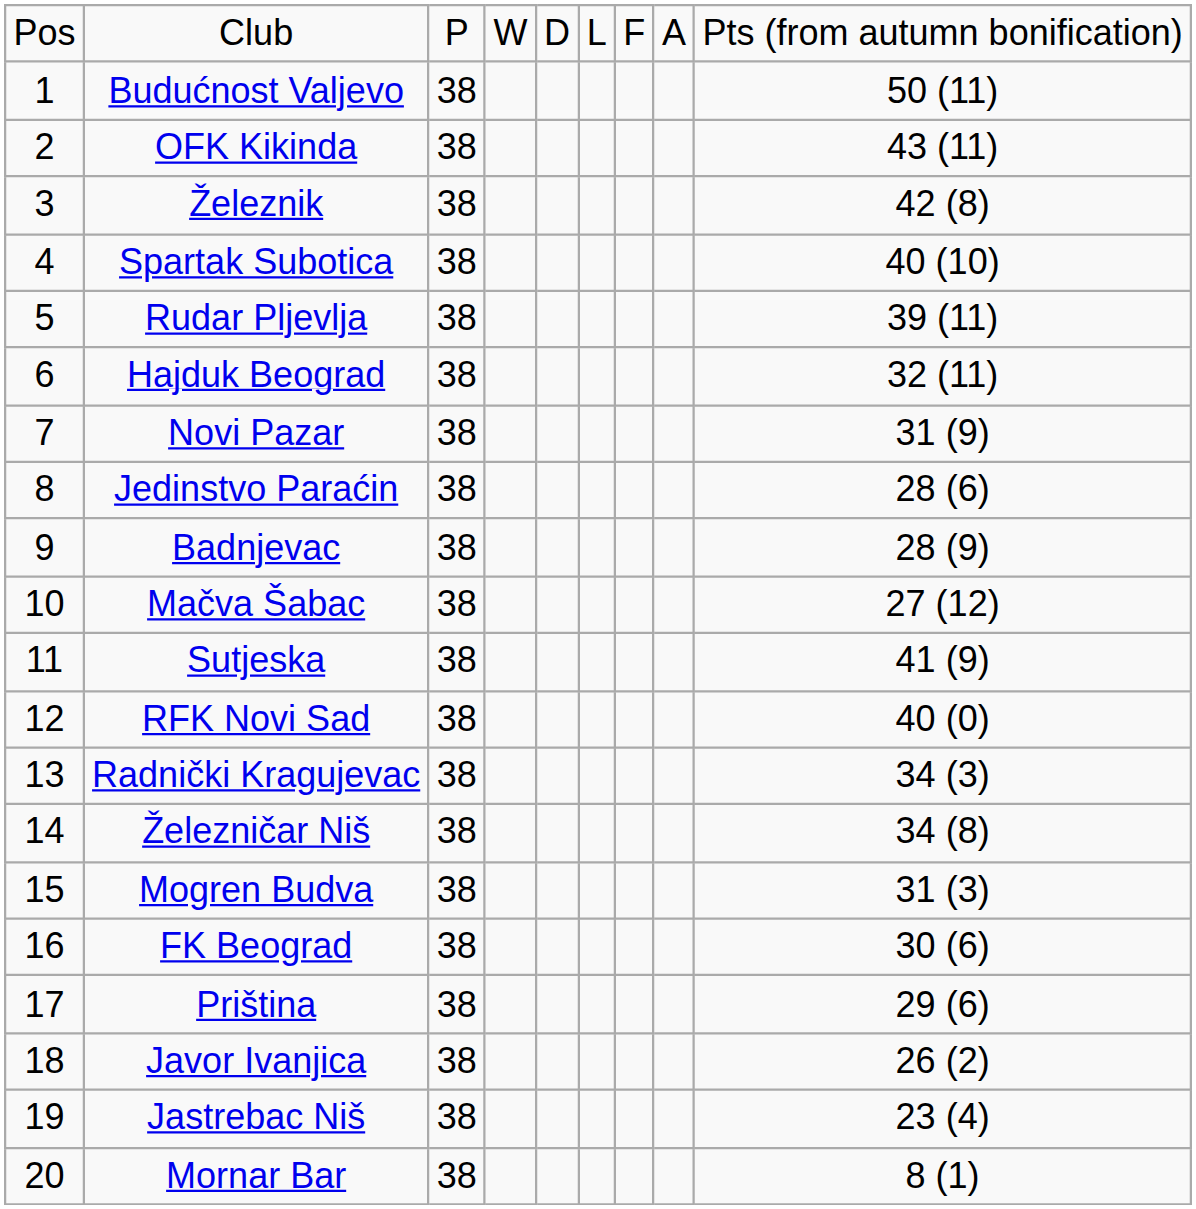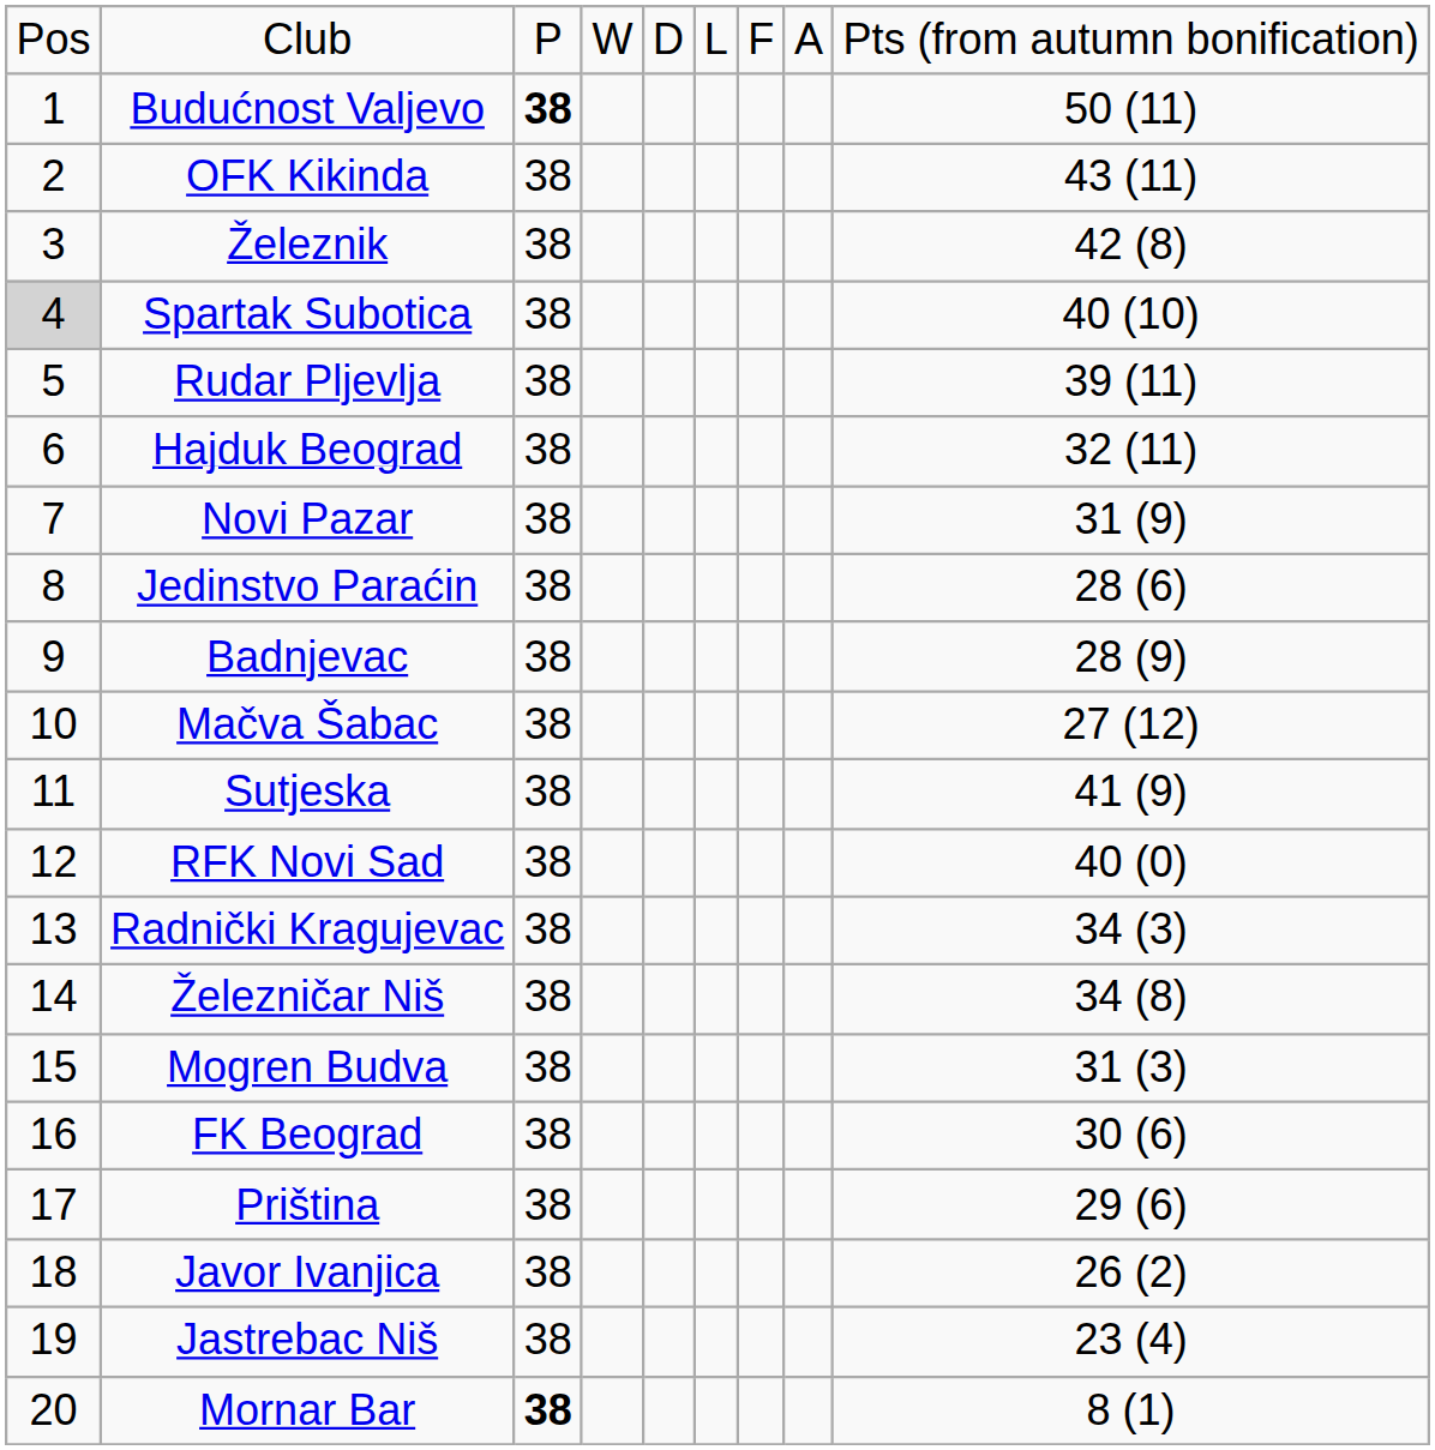 <table class="wikitable" style="text-align: center;">
 <tr>
 <td>Pos</td>
 <td>Club</td>
 <td>P</td>
 <td>W</td>
 <td>D</td>
 <td>L</td>
 <td>F</td>
 <td>A</td>
 <td>Pts (from autumn bonification)</td>
 </tr>
 <tr>
 <td>1</td>
 <td><a href='#'>Budućnost Valjevo</a></td>
-<td>38</td>
+<td><strong>38</strong></td>
 <td></td>
 <td></td>
 <td></td>
 <td></td>
 <td></td>
 <td>50 (11)</td>
 </tr>
 <tr>
 <td>2</td>
 <td><a href='#'>OFK Kikinda</a></td>
 <td>38</td>
 <td></td>
 <td></td>
 <td></td>
 <td></td>
 <td></td>
 <td>43 (11)</td>
 </tr>
 <tr>
 <td>3</td>
 <td><a href='#'>Železnik</a></td>
 <td>38</td>
 <td></td>
 <td></td>
 <td></td>
 <td></td>
 <td></td>
 <td>42 (8)</td>
 </tr>
 <tr>
-<td>4</td>
+<td style="background: lightgrey;">4</td>
 <td><a href='#'>Spartak Subotica</a></td>
 <td>38</td>
 <td></td>
 <td></td>
 <td></td>
 <td></td>
 <td></td>
 <td>40 (10)</td>
 </tr>
 <tr>
 <td>5</td>
 <td><a href='#'>Rudar Pljevlja</a></td>
 <td>38</td>
 <td></td>
 <td></td>
 <td></td>
 <td></td>
 <td></td>
 <td>39 (11)</td>
 </tr>
 <tr>
 <td>6</td>
 <td><a href='#'>Hajduk Beograd</a></td>
 <td>38</td>
 <td></td>
 <td></td>
 <td></td>
 <td></td>
 <td></td>
 <td>32 (11)</td>
 </tr>
 <tr>
 <td>7</td>
 <td><a href='#'>Novi Pazar</a></td>
 <td>38</td>
 <td></td>
 <td></td>
 <td></td>
 <td></td>
 <td></td>
 <td>31 (9)</td>
 </tr>
 <tr>
 <td>8</td>
 <td><a href='#'>Jedinstvo Paraćin</a></td>
 <td>38</td>
 <td></td>
 <td></td>
 <td></td>
 <td></td>
 <td></td>
 <td>28 (6)</td>
 </tr>
 <tr>
 <td>9</td>
 <td><a href='#'>Badnjevac</a></td>
 <td>38</td>
 <td></td>
 <td></td>
 <td></td>
 <td></td>
 <td></td>
 <td>28 (9)</td>
 </tr>
 <tr>
 <td>10</td>
 <td><a href='#'>Mačva Šabac</a></td>
 <td>38</td>
 <td></td>
 <td></td>
 <td></td>
 <td></td>
 <td></td>
 <td>27 (12)</td>
 </tr>
 <tr>
 <td>11</td>
 <td><a href='#'>Sutjeska</a></td>
 <td>38</td>
 <td></td>
 <td></td>
 <td></td>
 <td></td>
 <td></td>
 <td>41 (9)</td>
 </tr>
 <tr>
 <td>12</td>
 <td><a href='#'>RFK Novi Sad</a></td>
 <td>38</td>
 <td></td>
 <td></td>
 <td></td>
 <td></td>
 <td></td>
 <td>40 (0)</td>
 </tr>
 <tr>
 <td>13</td>
 <td><a href='#'>Radnički Kragujevac</a></td>
 <td>38</td>
 <td></td>
 <td></td>
 <td></td>
 <td></td>
 <td></td>
 <td>34 (3)</td>
 </tr>
 <tr>
 <td>14</td>
 <td><a href='#'>Železničar Niš</a></td>
 <td>38</td>
 <td></td>
 <td></td>
 <td></td>
 <td></td>
 <td></td>
 <td>34 (8)</td>
 </tr>
 <tr>
 <td>15</td>
 <td><a href='#'>Mogren Budva</a></td>
 <td>38</td>
 <td></td>
 <td></td>
 <td></td>
 <td></td>
 <td></td>
 <td>31 (3)</td>
 </tr>
 <tr>
 <td>16</td>
 <td><a href='#'>FK Beograd</a></td>
 <td>38</td>
 <td></td>
 <td></td>
 <td></td>
 <td></td>
 <td></td>
 <td>30 (6)</td>
 </tr>
 <tr>
 <td>17</td>
 <td><a href='#'>Priština</a></td>
 <td>38</td>
 <td></td>
 <td></td>
 <td></td>
 <td></td>
 <td></td>
 <td>29 (6)</td>
 </tr>
 <tr>
 <td>18</td>
 <td><a href='#'>Javor Ivanjica</a></td>
 <td>38</td>
 <td></td>
 <td></td>
 <td></td>
 <td></td>
 <td></td>
 <td>26 (2)</td>
 </tr>
 <tr>
 <td>19</td>
 <td><a href='#'>Jastrebac Niš</a></td>
 <td>38</td>
 <td></td>
 <td></td>
 <td></td>
 <td></td>
 <td></td>
 <td>23 (4)</td>
 </tr>
 <tr>
 <td>20</td>
 <td><a href='#'>Mornar Bar</a></td>
-<td>38</td>
+<td><strong>38</strong></td>
 <td></td>
 <td></td>
 <td></td>
 <td></td>
 <td></td>
 <td>8 (1)</td>
 </tr>
 </table>
